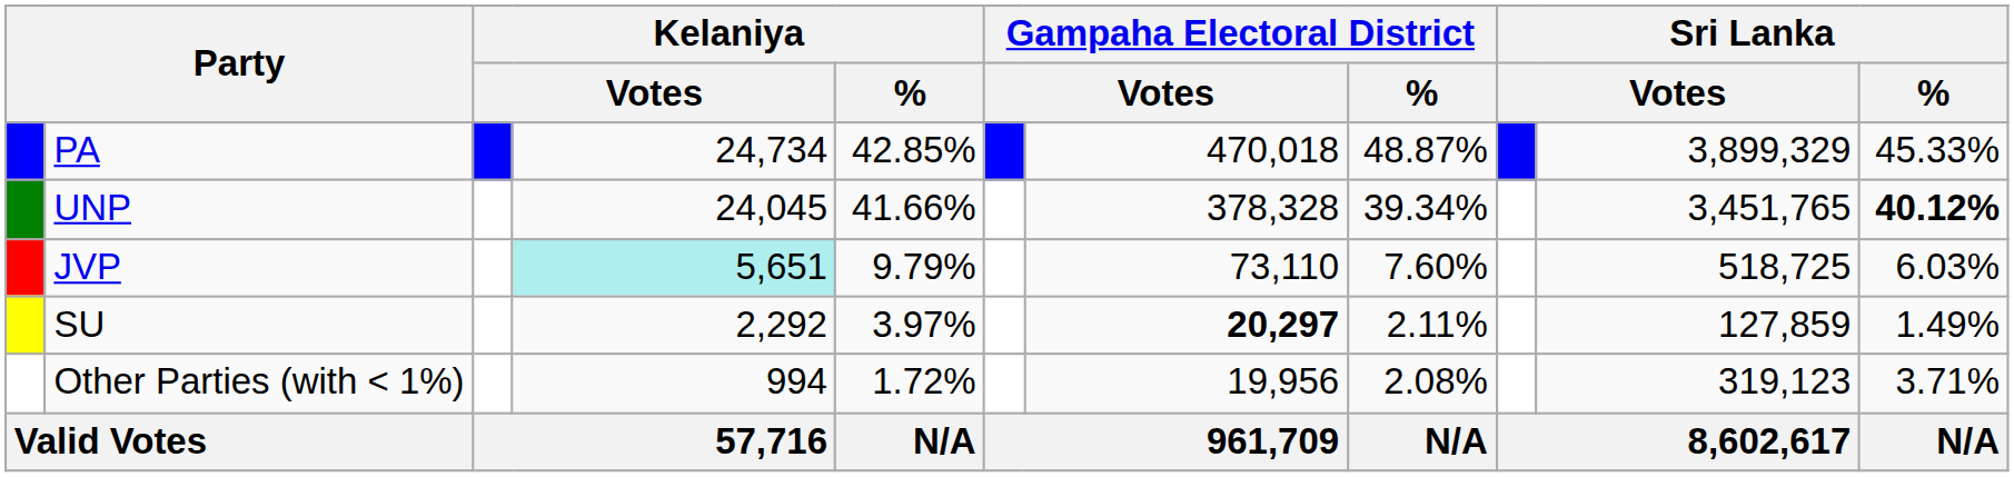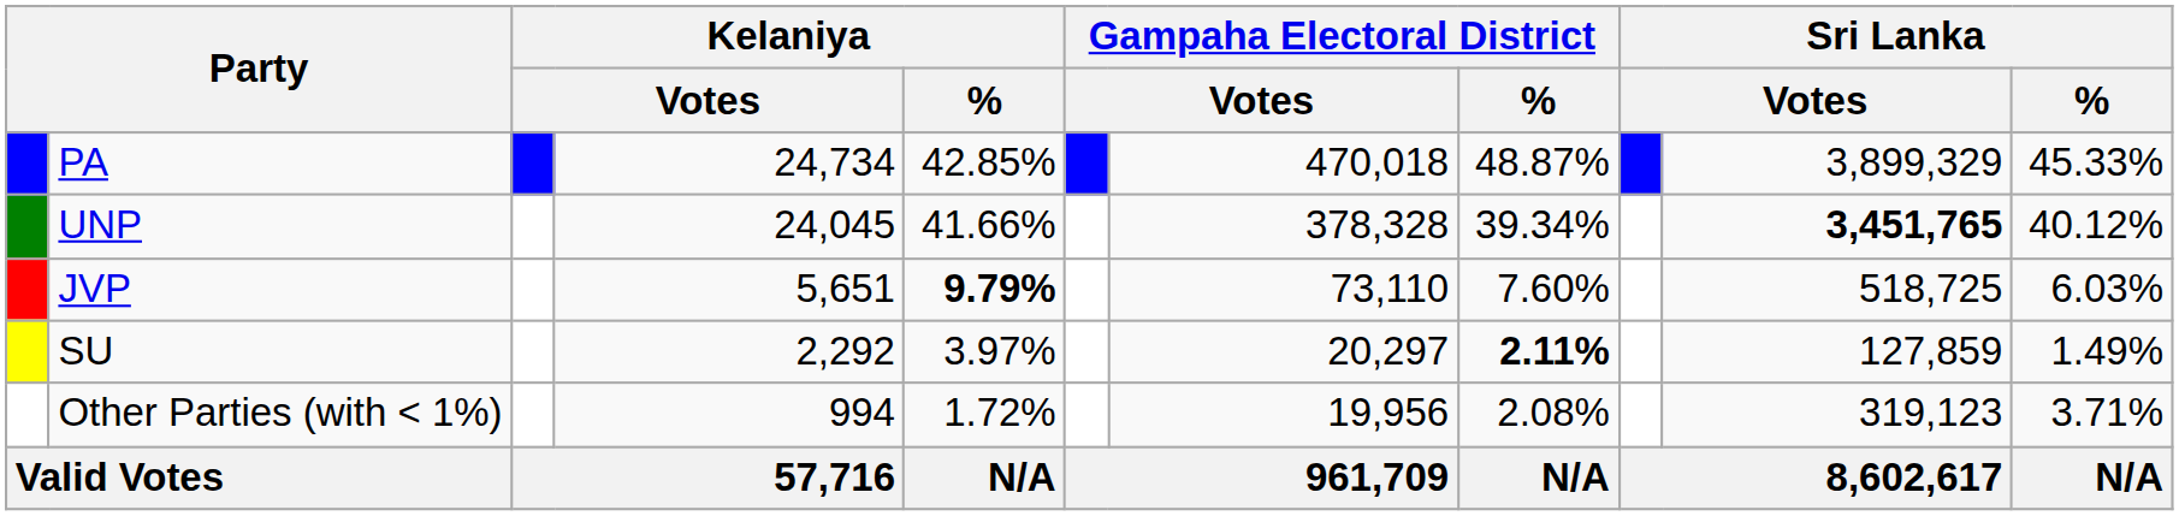 <table class="wikitable">
 <tr>
 <th colspan="2" width="144px"rowspan="2">Party</th>
 <th colspan="3" width="216px">Kelaniya</th>
 <th colspan="3" width="216px"><a href='#'>Gampaha Electoral District</a></th>
 <th colspan="3" width="216px">Sri Lanka</th>
 </tr>
 <tr>
 <th colspan="2" width="144px">Votes</th>
 <th>%</th>
 <th colspan="2" width="144px">Votes</th>
 <th>%</th>
 <th colspan="2" width="144px">Votes</th>
 <th>%</th>
 </tr>
 <tr>
 <td style="background-color:blue;" width="10px"></td>
 <td style="text-align:left;"><a href='#'>PA</a></td>
 <td style="background-color:blue;" width="10px"></td>
 <td style="text-align:right;">24,734</td>
 <td style="text-align:right;">42.85%</td>
 <td style="background-color:blue;" width="10px"></td>
 <td style="text-align:right;">470,018</td>
 <td style="text-align:right;">48.87%</td>
 <td style="background-color:blue;" width="10px"></td>
 <td style="text-align:right;">3,899,329</td>
 <td style="text-align:right;">45.33%</td>
 </tr>
 <tr>
 <td style="background-color:green;" width="10px"></td>
 <td style="text-align:left;"><a href='#'>UNP</a></td>
 <td style="background-color:white;" width="10px"></td>
 <td style="text-align:right;">24,045</td>
 <td style="text-align:right;">41.66%</td>
 <td style="background-color:white;" width="10px"></td>
 <td style="text-align:right;">378,328</td>
 <td style="text-align:right;">39.34%</td>
 <td style="background-color:white;" width="10px"></td>
-<td style="text-align:right;">3,451,765</td>
-<td style="text-align:right;"><strong>40.12%</strong></td>
+<td style="text-align:right;"><strong>3,451,765</strong></td>
+<td style="text-align:right;">40.12%</td>
 </tr>
 <tr>
 <td style="background-color:red;" width="10px"></td>
 <td style="text-align:left;"><a href='#'>JVP</a></td>
 <td style="background-color:white;" width="10px"></td>
-<td style="background: paleturquoise; text-align:right;">5,651</td>
-<td style="text-align:right;">9.79%</td>
+<td style="text-align:right;">5,651</td>
+<td style="text-align:right;"><strong>9.79%</strong></td>
 <td style="background-color:white;" width="10px"></td>
 <td style="text-align:right;">73,110</td>
 <td style="text-align:right;">7.60%</td>
 <td style="background-color:white;" width="10px"></td>
 <td style="text-align:right;">518,725</td>
 <td style="text-align:right;">6.03%</td>
 </tr>
 <tr>
 <td style="background-color:yellow;" width="10px"></td>
 <td style="text-align:left;">SU</td>
 <td style="background-color:white;" width="10px"></td>
 <td style="text-align:right;">2,292</td>
 <td style="text-align:right;">3.97%</td>
 <td style="background-color:white;" width="10px"></td>
-<td style="text-align:right;"><strong>20,297</strong></td>
-<td style="text-align:right;">2.11%</td>
+<td style="text-align:right;">20,297</td>
+<td style="text-align:right;"><strong>2.11%</strong></td>
 <td style="background-color:white;" width="10px"></td>
 <td style="text-align:right;">127,859</td>
 <td style="text-align:right;">1.49%</td>
 </tr>
 <tr>
 <td style="background-color:white;" width="10px"></td>
 <td style="text-align:left;">Other Parties (with < 1%)</td>
 <td style="background-color:white;" width="10px"></td>
 <td style="text-align:right;">994</td>
 <td style="text-align:right;">1.72%</td>
 <td style="background-color:white;" width="10px"></td>
 <td style="text-align:right;">19,956</td>
 <td style="text-align:right;">2.08%</td>
 <td style="background-color:white;" width="10px"></td>
 <td style="text-align:right;">319,123</td>
 <td style="text-align:right;">3.71%</td>
 </tr>
 <tr>
 <th colspan="2" width="144px"style="text-align:left;">Valid Votes</th>
 <th style="text-align:right;"colspan="2" width="144px">57,716</th>
 <th style="text-align:right;">N/A</th>
 <th style="text-align:right;"colspan="2" width="144px">961,709</th>
 <th style="text-align:right;">N/A</th>
 <th style="text-align:right;"colspan="2" width="144px">8,602,617</th>
 <th style="text-align:right;">N/A</th>
 </tr>
 </table>
